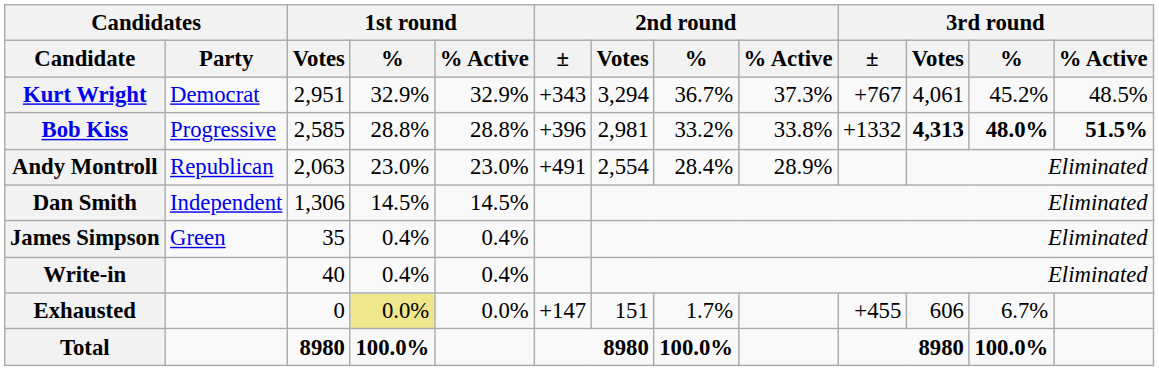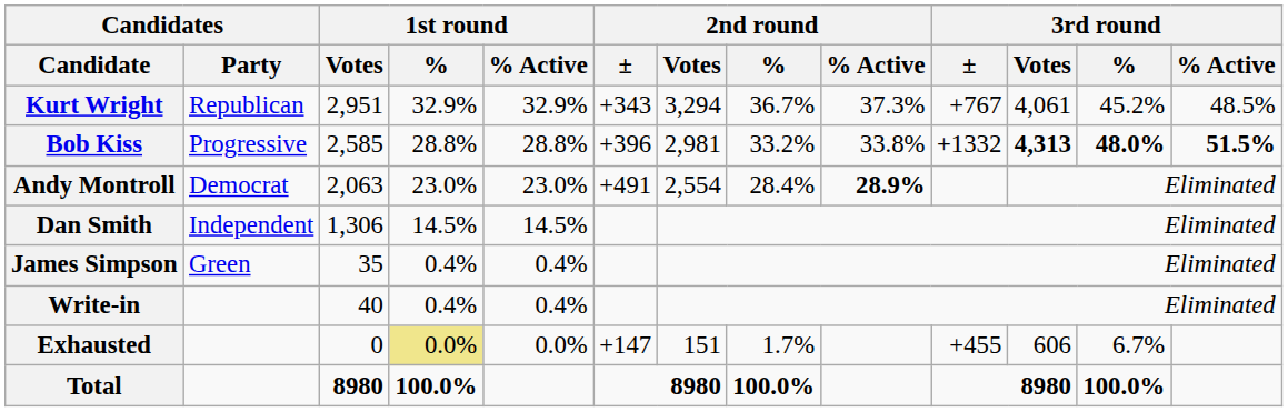 <table class="wikitable">
 <tr>
 <th colspan="2">Candidates</th>
 <th colspan="3">1st round</th>
 <th colspan="4">2nd round</th>
 <th colspan="4">3rd round</th>
 </tr>
 <tr>
 <th>Candidate</th>
 <th>Party</th>
 <th>Votes</th>
 <th>%</th>
 <th>% Active</th>
 <th>±</th>
 <th>Votes</th>
 <th>%</th>
 <th>% Active</th>
 <th>±</th>
 <th>Votes</th>
 <th>%</th>
 <th>% Active</th>
 </tr>
 <tr>
 <th><a href='#'>Kurt Wright</a></th>
-<td><a href='#'>Democrat</a></td>
+<td><a href='#'>Republican</a></td>
 <td align="right">2,951</td>
 <td align="right">32.9%</td>
 <td align="right">32.9%</td>
 <td align="right">+343</td>
 <td align="right">3,294</td>
 <td align="right">36.7%</td>
 <td align="right">37.3%</td>
 <td align="right">+767</td>
 <td align="right">4,061</td>
 <td align="right">45.2%</td>
 <td align="right">48.5%</td>
 </tr>
 <tr>
 <th><strong><a href='#'>Bob Kiss</a></strong></th>
 <td><a href='#'>Progressive</a></td>
 <td align="right">2,585</td>
 <td align="right">28.8%</td>
 <td align="right">28.8%</td>
 <td align="right">+396</td>
 <td align="right">2,981</td>
 <td align="right">33.2%</td>
 <td align="right">33.8%</td>
 <td align="right">+1332</td>
 <td align="right"><strong>4,313</strong></td>
 <td align="right"><strong>48.0%</strong></td>
 <td align="right"><strong>51.5%</strong></td>
 </tr>
 <tr>
 <th>Andy Montroll</th>
-<td><a href='#'>Republican</a></td>
+<td><a href='#'>Democrat</a></td>
 <td align="right">2,063</td>
 <td align="right">23.0%</td>
 <td align="right">23.0%</td>
 <td align="right">+491</td>
 <td align="right">2,554</td>
 <td align="right">28.4%</td>
-<td align="right">28.9%</td>
+<td align="right"><strong>28.9%</strong></td>
 <td align="right"></td>
 <td colspan="3" align="right"><em>Eliminated</em></td>
 </tr>
 <tr>
 <th>Dan Smith</th>
 <td><a href='#'>Independent</a></td>
 <td align="right">1,306</td>
 <td align="right">14.5%</td>
 <td align="right">14.5%</td>
 <td align="right"></td>
 <td colspan="7" align="right"><em>Eliminated</em></td>
 </tr>
 <tr>
 <th>James Simpson</th>
 <td><a href='#'>Green</a></td>
 <td align="right">35</td>
 <td align="right">0.4%</td>
 <td align="right">0.4%</td>
 <td align="right"></td>
 <td colspan="7" align="right"><em>Eliminated</em></td>
 </tr>
 <tr>
 <th>Write-in</th>
 <td> </td>
 <td align="right">40</td>
 <td align="right">0.4%</td>
 <td align="right">0.4%</td>
 <td align="right"></td>
 <td colspan="7" align="right"><em>Eliminated</em></td>
 </tr>
 <tr>
 <th>Exhausted</th>
 <td> </td>
 <td align="right">0</td>
 <td align="right" style="background: khaki;">0.0%</td>
 <td align="right">0.0%</td>
 <td align="right">+147</td>
 <td align="right">151</td>
 <td align="right">1.7%</td>
 <td> </td>
 <td align="right">+455</td>
 <td align="right">606</td>
 <td align="right">6.7%</td>
 <td> </td>
 </tr>
 <tr>
 <th>Total</th>
 <td> </td>
 <td align="right"><strong>8980</strong></td>
 <td align="right"><strong>100.0%</strong></td>
 <td> </td>
 <td colspan="2" align="right"><strong>8980</strong></td>
 <td align="right"><strong>100.0%</strong></td>
 <td><strong> </strong></td>
 <td colspan="2" align="right"><strong>8980</strong></td>
 <td align="right"><strong>100.0%</strong></td>
 <td> </td>
 </tr>
 </table>
